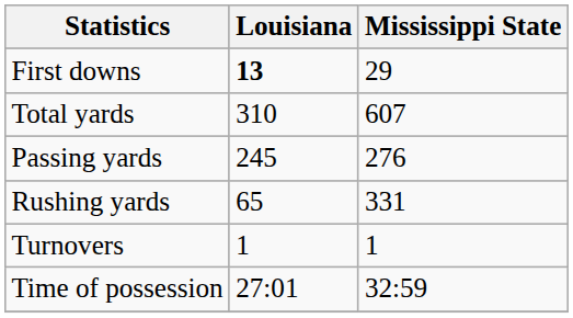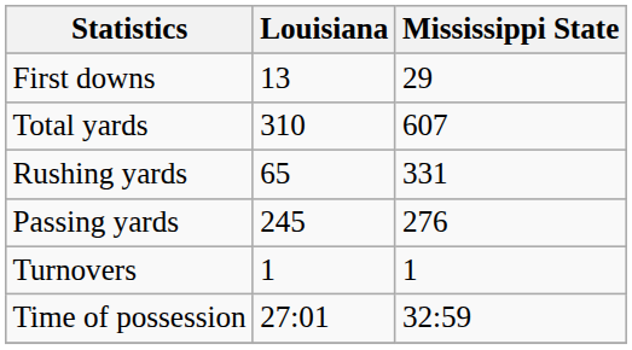 <table class="wikitable">
 <tr>
 <th>Statistics</th>
 <th>Louisiana</th>
 <th>Mississippi State</th>
 </tr>
 <tr>
 <td>First downs</td>
-<td><strong>13</strong></td>
+<td>13</td>
 <td>29</td>
 </tr>
 <tr>
 <td>Total yards</td>
 <td>310</td>
 <td>607</td>
 </tr>
 <tr>
+<td>Rushing yards</td>
+<td>65</td>
+<td>331</td>
+</tr>
+<tr>
 <td>Passing yards</td>
 <td>245</td>
 <td>276</td>
-</tr>
-<tr>
-<td>Rushing yards</td>
-<td>65</td>
-<td>331</td>
 </tr>
 <tr>
 <td>Turnovers</td>
 <td>1</td>
 <td>1</td>
 </tr>
 <tr>
 <td>Time of possession</td>
 <td>27:01</td>
 <td>32:59</td>
 </tr>
 <tr>
 </tr>
 </table>
